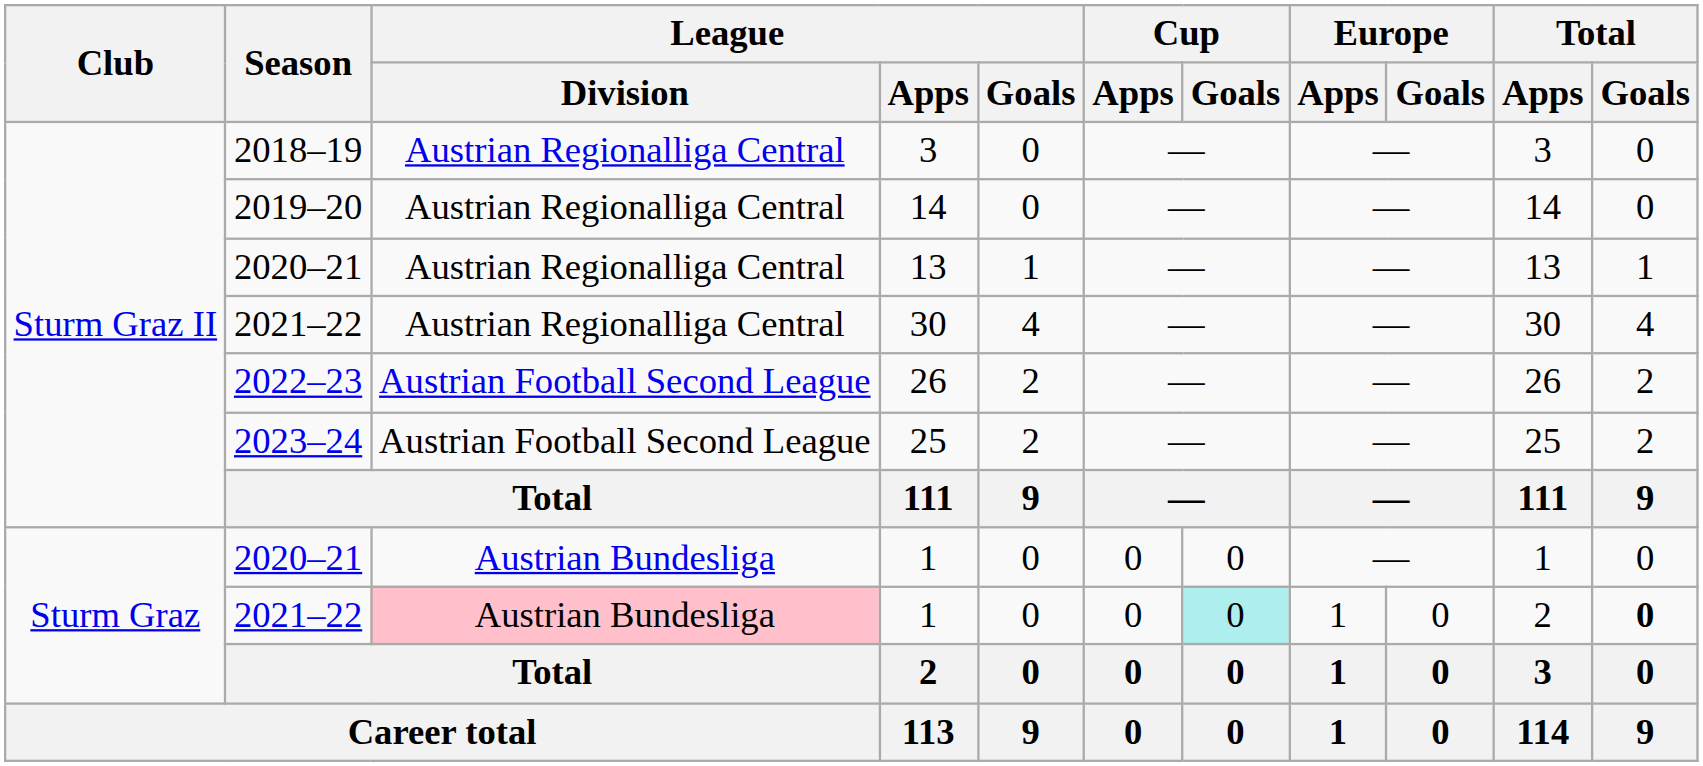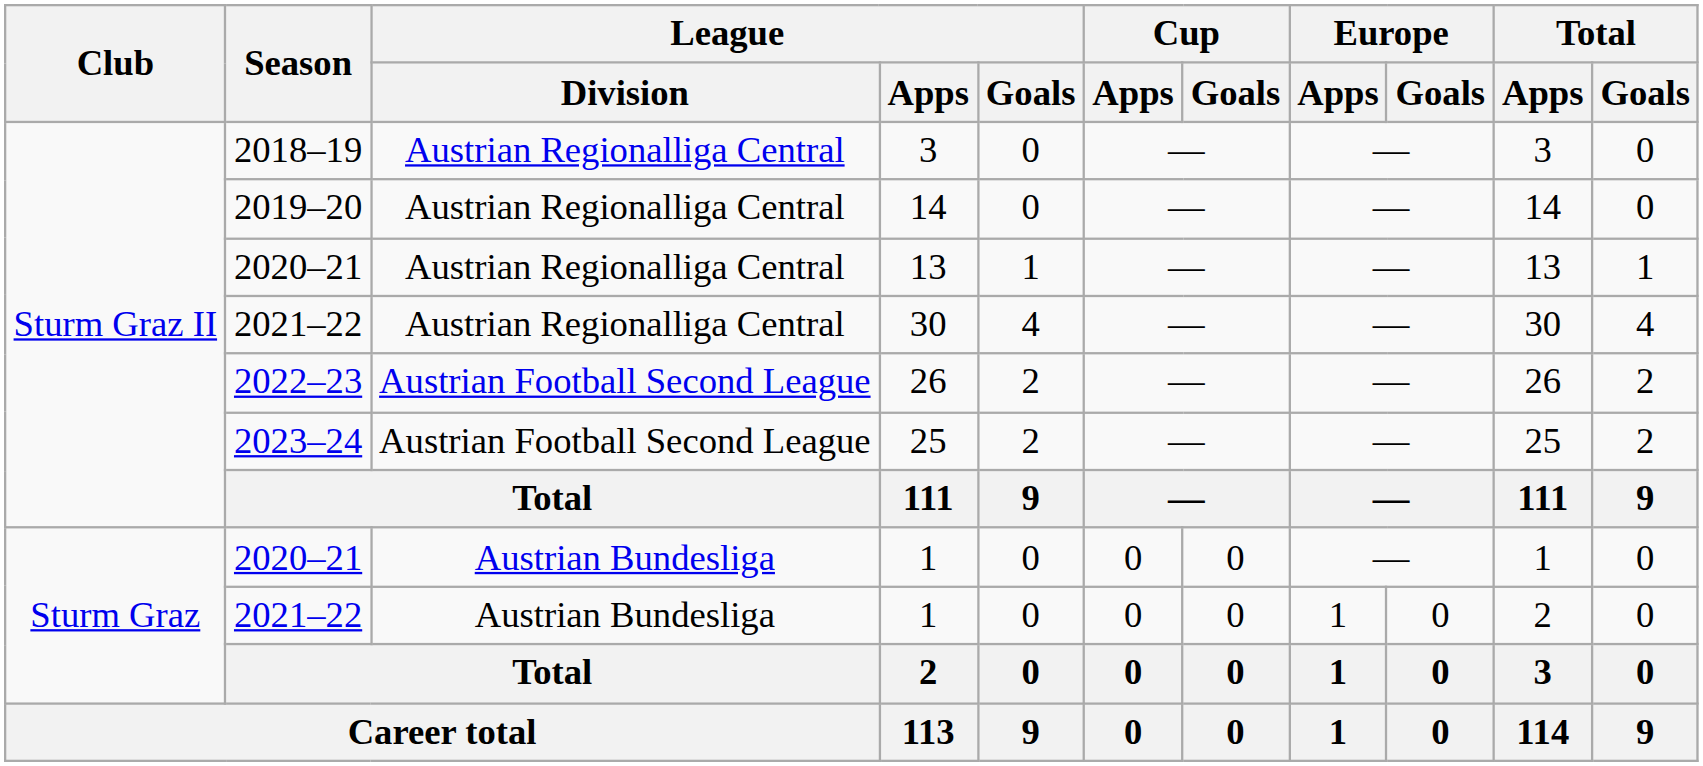 <table class="wikitable" style="text-align:center">
 <tr>
 <th rowspan="2">Club</th>
 <th rowspan="2">Season</th>
 <th colspan="3">League</th>
 <th colspan="2">Cup</th>
 <th colspan="2">Europe</th>
 <th colspan="2">Total</th>
 </tr>
 <tr>
 <th>Division</th>
 <th>Apps</th>
 <th>Goals</th>
 <th>Apps</th>
 <th>Goals</th>
 <th>Apps</th>
 <th>Goals</th>
 <th>Apps</th>
 <th>Goals</th>
 </tr>
 <tr>
 <td rowspan="7"><a href='#'>Sturm Graz II</a></td>
 <td>2018–19</td>
 <td><a href='#'>Austrian Regionalliga Central</a></td>
 <td>3</td>
 <td>0</td>
 <td colspan="2">—</td>
 <td colspan="2">—</td>
 <td>3</td>
 <td>0</td>
 </tr>
 <tr>
 <td>2019–20</td>
 <td>Austrian Regionalliga Central</td>
 <td>14</td>
 <td>0</td>
 <td colspan="2">—</td>
 <td colspan="2">—</td>
 <td>14</td>
 <td>0</td>
 </tr>
 <tr>
 <td>2020–21</td>
 <td>Austrian Regionalliga Central</td>
 <td>13</td>
 <td>1</td>
 <td colspan="2">—</td>
 <td colspan="2">—</td>
 <td>13</td>
 <td>1</td>
 </tr>
 <tr>
 <td>2021–22</td>
 <td>Austrian Regionalliga Central</td>
 <td>30</td>
 <td>4</td>
 <td colspan="2">—</td>
 <td colspan="2">—</td>
 <td>30</td>
 <td>4</td>
 </tr>
 <tr>
 <td><a href='#'>2022–23</a></td>
 <td><a href='#'>Austrian Football Second League</a></td>
 <td>26</td>
 <td>2</td>
 <td colspan="2">—</td>
 <td colspan="2">—</td>
 <td>26</td>
 <td>2</td>
 </tr>
 <tr>
 <td><a href='#'>2023–24</a></td>
 <td>Austrian Football Second League</td>
 <td>25</td>
 <td>2</td>
 <td colspan="2">—</td>
 <td colspan="2">—</td>
 <td>25</td>
 <td>2</td>
 </tr>
 <tr>
 <th colspan="2">Total</th>
 <th>111</th>
 <th>9</th>
 <th colspan="2">—</th>
 <th colspan="2">—</th>
 <th>111</th>
 <th>9</th>
 </tr>
 <tr>
 <td rowspan="3"><a href='#'>Sturm Graz</a></td>
 <td><a href='#'>2020–21</a></td>
 <td><a href='#'>Austrian Bundesliga</a></td>
 <td>1</td>
 <td>0</td>
 <td>0</td>
 <td>0</td>
 <td colspan="2">—</td>
 <td>1</td>
 <td>0</td>
 </tr>
 <tr>
 <td><a href='#'>2021–22</a></td>
-<td style="background: pink;">Austrian Bundesliga</td>
+<td>Austrian Bundesliga</td>
 <td>1</td>
 <td>0</td>
 <td>0</td>
-<td style="background: paleturquoise;">0</td>
+<td>0</td>
 <td>1</td>
 <td>0</td>
 <td>2</td>
-<td><strong>0</strong></td>
+<td>0</td>
 </tr>
 <tr>
 <th colspan="2">Total</th>
 <th>2</th>
 <th>0</th>
 <th>0</th>
 <th>0</th>
 <th>1</th>
 <th>0</th>
 <th>3</th>
 <th>0</th>
 </tr>
 <tr>
 <th colspan="3">Career total</th>
 <th>113</th>
 <th>9</th>
 <th>0</th>
 <th>0</th>
 <th>1</th>
 <th>0</th>
 <th>114</th>
 <th>9</th>
 </tr>
 </table>
